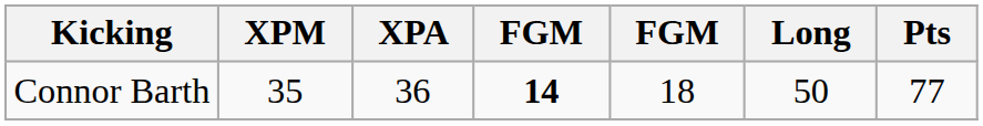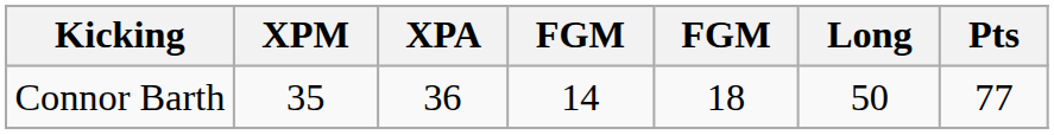 <table class="wikitable">
 <tr>
 <th>    Kicking    </th>
 <th>  XPM  </th>
 <th>  XPA  </th>
 <th>  FGM  </th>
 <th>  FGM  </th>
 <th>  Long  </th>
 <th>  Pts  </th>
 </tr>
 <tr>
 <td>Connor Barth</td>
 <td align="center">35</td>
 <td align="center">36</td>
-<td align="center"><strong>14</strong></td>
+<td align="center">14</td>
 <td align="center">18</td>
 <td align="center">50</td>
 <td align="center">77</td>
 </tr>
 <tr>
 </tr>
 </table>
